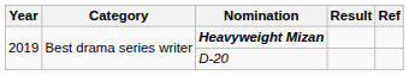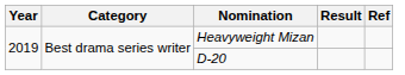 <table class="wikitable sortable">
 <tr>
 <th>Year</th>
 <th>Category</th>
 <th>Nomination</th>
 <th>Result</th>
 <th>Ref</th>
 </tr>
 <tr>
 <td rowspan=2>2019</td>
 <td rowspan=2>Best drama series writer</td>
-<td><strong><em>Heavyweight Mizan</em></strong></td>
+<td><em>Heavyweight Mizan</em></td>
 <td></td>
 <td></td>
 </tr>
 <tr>
 <td><em>D-20</em></td>
 <td></td>
 <td></td>
 </tr>
 </table>
